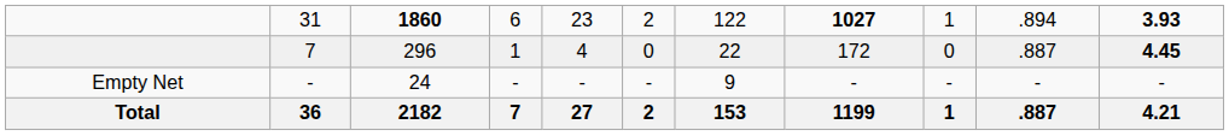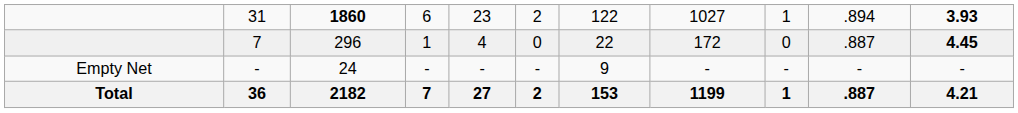 <table class="wikitable sortable" width ="1000">
 <tr align="center">
 </tr>
 <tr align="center" bgcolor="">
 <td></td>
 <td>31</td>
 <td><strong>1860</strong></td>
 <td>6</td>
 <td>23</td>
 <td>2</td>
 <td>122</td>
-<td><strong>1027</strong></td>
+<td>1027</td>
 <td>1</td>
 <td>.894</td>
 <td><strong>3.93</strong></td>
 </tr>
 <tr align="center" bgcolor="f0f0f0">
 <td></td>
 <td>7</td>
 <td>296</td>
 <td>1</td>
 <td>4</td>
 <td>0</td>
 <td>22</td>
 <td>172</td>
 <td>0</td>
 <td>.887</td>
 <td><strong>4.45</strong></td>
 </tr>
 <tr align="center" bgcolor="">
 <td>Empty Net</td>
 <td>-</td>
 <td>24</td>
 <td>-</td>
 <td>-</td>
 <td>-</td>
 <td>9</td>
 <td>-</td>
 <td>-</td>
 <td>-</td>
 <td>-</td>
 </tr>
 <tr>
 <th>Total</th>
 <th>36</th>
 <th>2182</th>
 <th>7</th>
 <th>27</th>
 <th>2</th>
 <th>153</th>
 <th>1199</th>
 <th>1</th>
 <th>.887</th>
 <th>4.21</th>
 </tr>
 </table>
